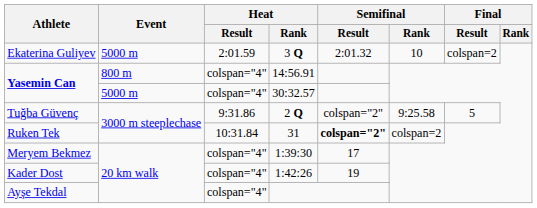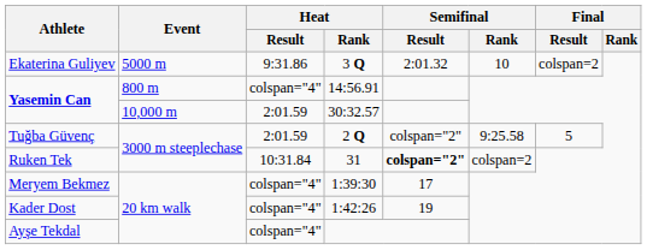 <table class="wikitable" style="font-size:90%">
 <tr>
 <th rowspan="2">Athlete</th>
 <th rowspan="2">Event</th>
 <th colspan="2">Heat</th>
 <th colspan="2">Semifinal</th>
 <th colspan="2">Final</th>
 </tr>
 <tr style="font-size:95%">
 <th>Result</th>
 <th>Rank</th>
 <th>Result</th>
 <th>Rank</th>
 <th>Result</th>
 <th>Rank</th>
 </tr>
 <tr align=center>
 <td align=left><a href='#'>Ekaterina Guliyev</a></td>
 <td align=left><a href='#'>5000 m</a></td>
-<td>2:01.59</td>
+<td>9:31.86 </td>
 <td>3 <strong>Q</strong></td>
 <td>2:01.32</td>
 <td>10</td>
 <td>colspan=2 </td>
 </tr>
 <tr align=center>
 <td align=left rowspan=2><strong><a href='#'>Yasemin Can</a></strong></td>
 <td align=left><a href='#'>800 m</a></td>
 <td>colspan="4" </td>
 <td>14:56.91</td>
 <td></td>
 </tr>
 <tr align=center>
-<td align=left><a href='#'>5000 m</a></td>
-<td>colspan="4" </td>
+<td align=left><a href='#'>10,000 m</a></td>
+<td>2:01.59</td>
 <td>30:32.57 </td>
 <td></td>
 </tr>
 <tr align=center>
 <td align=left><a href='#'>Tuğba Güvenç</a></td>
 <td align=left rowspan=2><a href='#'>3000 m steeplechase</a></td>
-<td>9:31.86 </td>
+<td>2:01.59</td>
 <td>2 <strong>Q</strong></td>
 <td>colspan="2" </td>
 <td>9:25.58 </td>
 <td>5</td>
 </tr>
 <tr align=center>
 <td align=left><a href='#'>Ruken Tek</a></td>
 <td>10:31.84</td>
 <td>31</td>
 <td><strong>colspan="2" </strong></td>
 <td>colspan=2 </td>
 </tr>
 <tr align=center>
 <td align=left><a href='#'>Meryem Bekmez</a></td>
 <td align=left rowspan=3><a href='#'>20 km walk</a></td>
 <td>colspan="4" </td>
 <td>1:39:30</td>
 <td>17</td>
 </tr>
 <tr align=center>
 <td align=left><a href='#'>Kader Dost</a></td>
 <td>colspan="4" </td>
 <td>1:42:26</td>
 <td>19</td>
 </tr>
 <tr align=center>
 <td align=left><a href='#'>Ayşe Tekdal</a></td>
 <td>colspan="4" </td>
 <td colspan="2"></td>
 </tr>
 </table>
